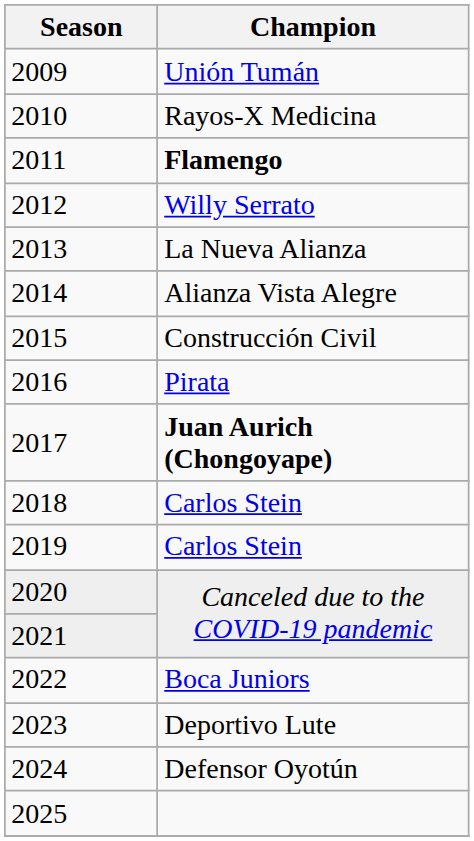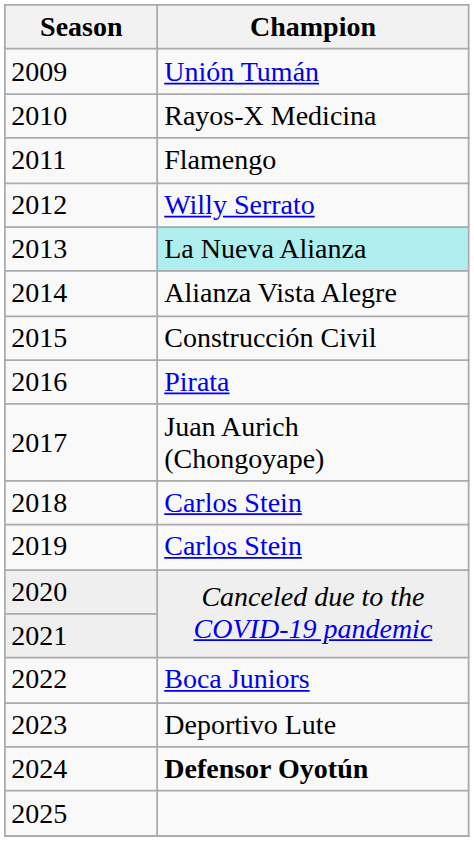 <table class="wikitable sortable">
 <tr>
 <th width=80px>Season</th>
 <th width=170px>Champion</th>
 </tr>
 <tr>
 <td>2009</td>
 <td><a href='#'>Unión Tumán</a></td>
 </tr>
 <tr>
 <td>2010</td>
 <td>Rayos-X Medicina</td>
 </tr>
 <tr>
 <td>2011</td>
-<td><strong>Flamengo</strong></td>
+<td>Flamengo</td>
 </tr>
 <tr>
 <td>2012</td>
 <td><a href='#'>Willy Serrato</a></td>
 </tr>
 <tr>
 <td>2013</td>
-<td>La Nueva Alianza</td>
+<td style="background: paleturquoise;">La Nueva Alianza</td>
 </tr>
 <tr>
 <td>2014</td>
 <td>Alianza Vista Alegre</td>
 </tr>
 <tr>
 <td>2015</td>
 <td>Construcción Civil</td>
 </tr>
 <tr>
 <td>2016</td>
 <td><a href='#'>Pirata</a></td>
 </tr>
 <tr>
 <td>2017</td>
-<td><strong>Juan Aurich (Chongoyape)</strong></td>
+<td>Juan Aurich (Chongoyape)</td>
 </tr>
 <tr>
 <td>2018</td>
 <td><a href='#'>Carlos Stein</a></td>
 </tr>
 <tr>
 <td>2019</td>
 <td><a href='#'>Carlos Stein</a></td>
 </tr>
 <tr bgcolor=#efefef>
 <td>2020</td>
 <td rowspan=2 colspan="1" align=center><em>Canceled due to the <a href='#'>COVID-19 pandemic</a></em></td>
 </tr>
 <tr bgcolor=#efefef>
 <td>2021</td>
 </tr>
 <tr>
 <td>2022</td>
 <td><a href='#'>Boca Juniors</a></td>
 </tr>
 <tr>
 <td>2023</td>
 <td>Deportivo Lute</td>
 </tr>
 <tr>
 <td>2024</td>
-<td>Defensor Oyotún</td>
+<td><strong>Defensor Oyotún</strong></td>
 </tr>
 <tr>
 <td>2025</td>
 <td></td>
 </tr>
 <tr>
 </tr>
 </table>
